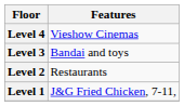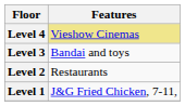 <table class="wikitable">
 <tr>
 <th>Floor</th>
 <th>Features</th>
 </tr>
 <tr>
 <th>Level 4</th>
-<td><a href='#'>Vieshow Cinemas</a></td>
+<td style="background: khaki;"><a href='#'>Vieshow Cinemas</a></td>
 </tr>
 <tr>
 <th>Level 3</th>
 <td><a href='#'>Bandai</a> and toys</td>
 </tr>
 <tr>
 <th>Level 2</th>
 <td>Restaurants</td>
 </tr>
 <tr>
 <th>Level 1</th>
 <td><a href='#'>J&G Fried Chicken</a>, 7-11,</td>
 </tr>
 <tr>
 </tr>
 </table>
